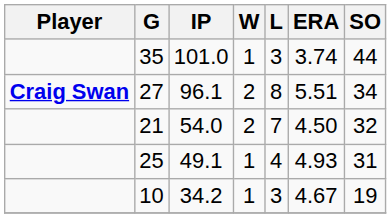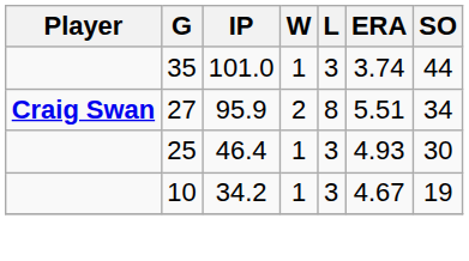 <table class="wikitable sortable">
 <tr>
 <th>Player</th>
 <th>G</th>
 <th>IP</th>
 <th>W</th>
 <th>L</th>
 <th>ERA</th>
 <th>SO</th>
 </tr>
 <tr align="center">
 <td></td>
 <td>35</td>
 <td>101.0</td>
 <td>1</td>
 <td>3</td>
 <td>3.74</td>
 <td>44</td>
 </tr>
 <tr align="center">
 <td><strong><a href='#'>Craig Swan</a></strong></td>
 <td>27</td>
-<td>96.1</td>
+<td>95.9</td>
 <td>2</td>
 <td>8</td>
 <td>5.51</td>
 <td>34</td>
 </tr>
-<tr align=center>
-<td></td>
-<td>21</td>
-<td>54.0</td>
-<td>2</td>
-<td>7</td>
-<td>4.50</td>
-<td>32</td>
-</tr>
 <tr align="center">
 <td></td>
 <td>25</td>
-<td>49.1</td>
+<td>46.4</td>
 <td>1</td>
-<td>4</td>
+<td>3</td>
 <td>4.93</td>
-<td>31</td>
+<td>30</td>
 </tr>
 <tr align="center">
 <td></td>
 <td>10</td>
 <td>34.2</td>
 <td>1</td>
 <td>3</td>
 <td>4.67</td>
 <td>19</td>
 </tr>
 <tr align="center">
 </tr>
 </table>
